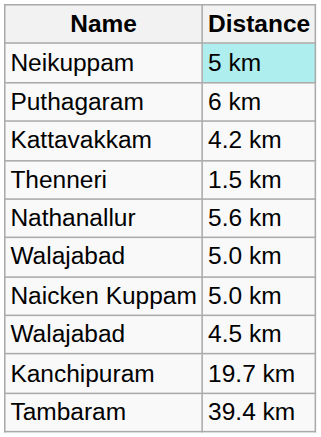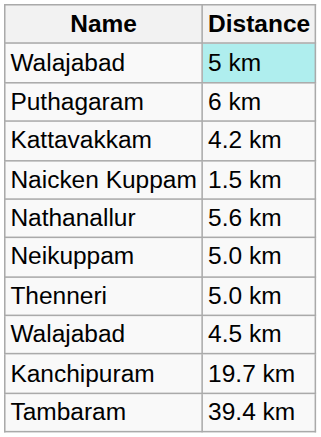 <table class="wikitable">
 <tr>
 <th>Name</th>
 <th>Distance</th>
 </tr>
 <tr>
-<td>Neikuppam</td>
+<td>Walajabad</td>
 <td style="background: paleturquoise;">5 km</td>
 </tr>
 <tr>
 <td>Puthagaram</td>
 <td>6 km</td>
 </tr>
 <tr>
 <td>Kattavakkam</td>
 <td>4.2 km</td>
 </tr>
 <tr>
-<td>Thenneri</td>
+<td>Naicken Kuppam</td>
 <td>1.5 km</td>
 </tr>
 <tr>
 <td>Nathanallur</td>
 <td>5.6 km</td>
 </tr>
 <tr>
-<td>Walajabad</td>
+<td>Neikuppam</td>
 <td>5.0 km</td>
 </tr>
 <tr>
-<td>Naicken Kuppam</td>
+<td>Thenneri</td>
 <td>5.0 km</td>
 </tr>
 <tr>
 <td>Walajabad</td>
 <td>4.5 km</td>
 </tr>
 <tr>
 <td>Kanchipuram</td>
 <td>19.7 km</td>
 </tr>
 <tr>
 <td>Tambaram</td>
 <td>39.4 km</td>
 </tr>
 </table>
